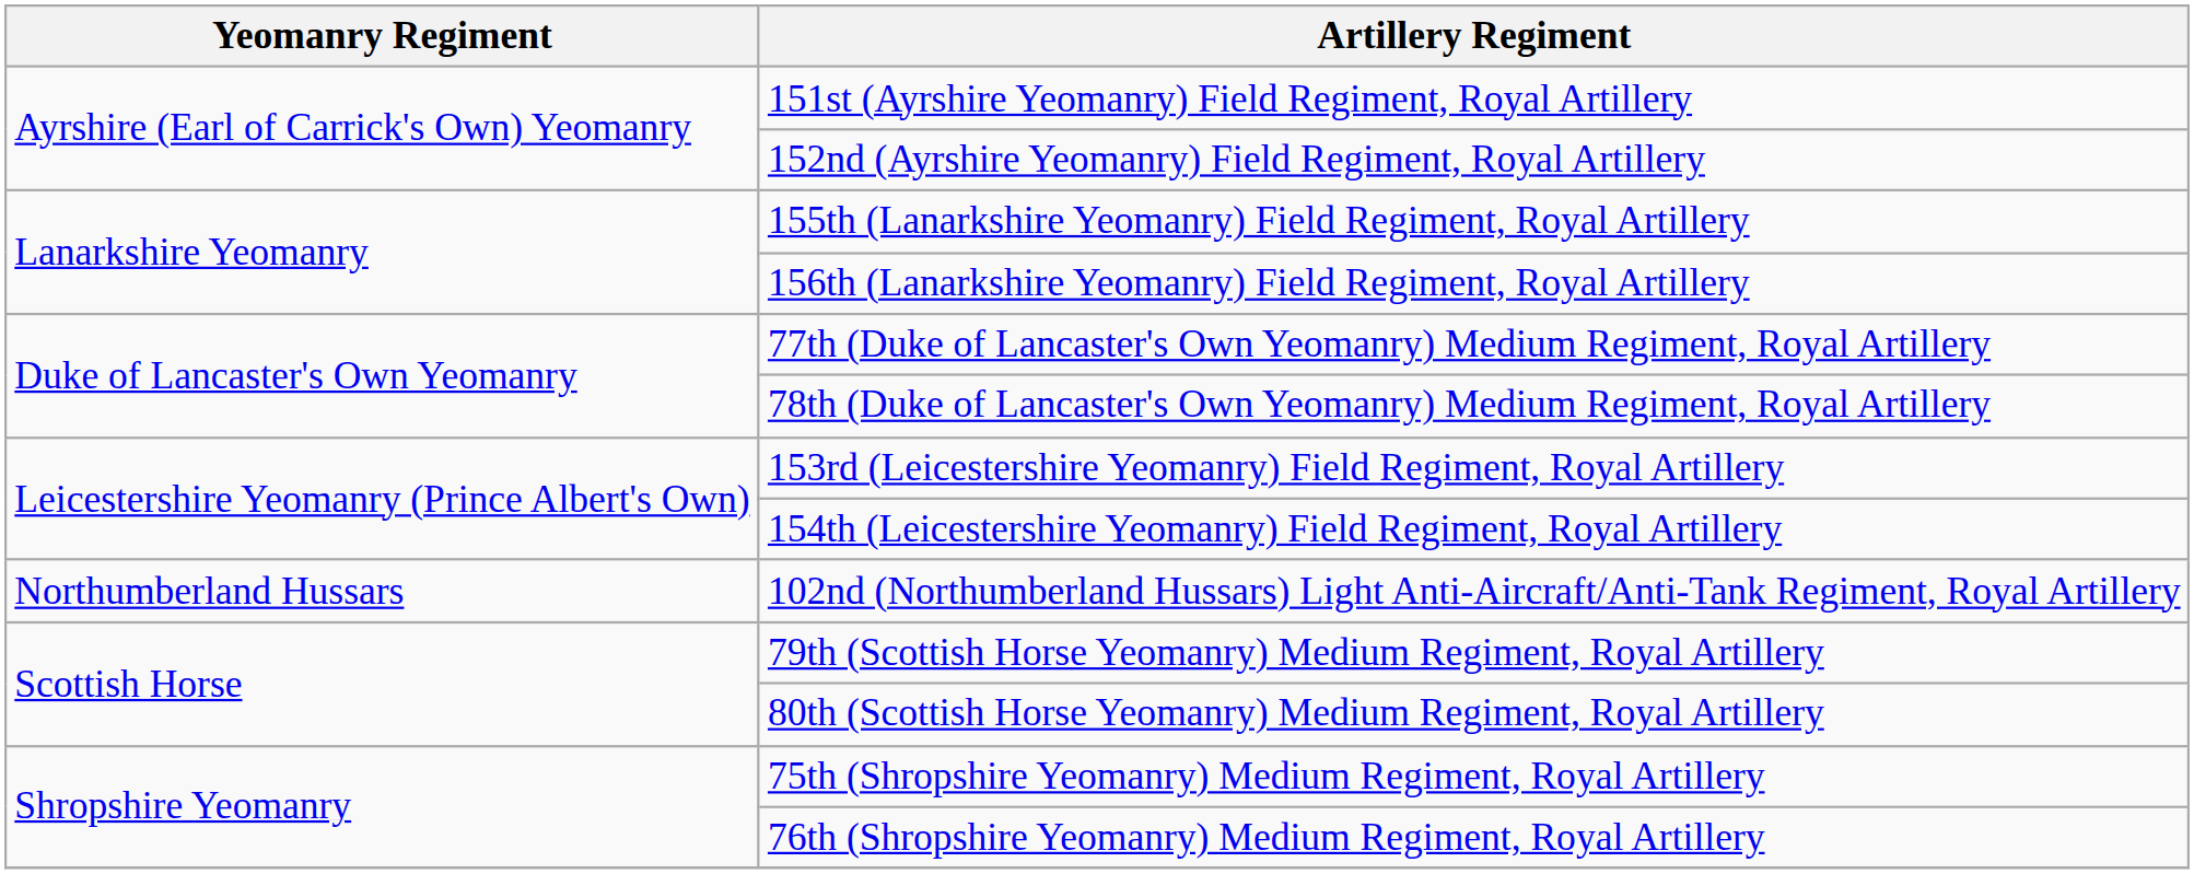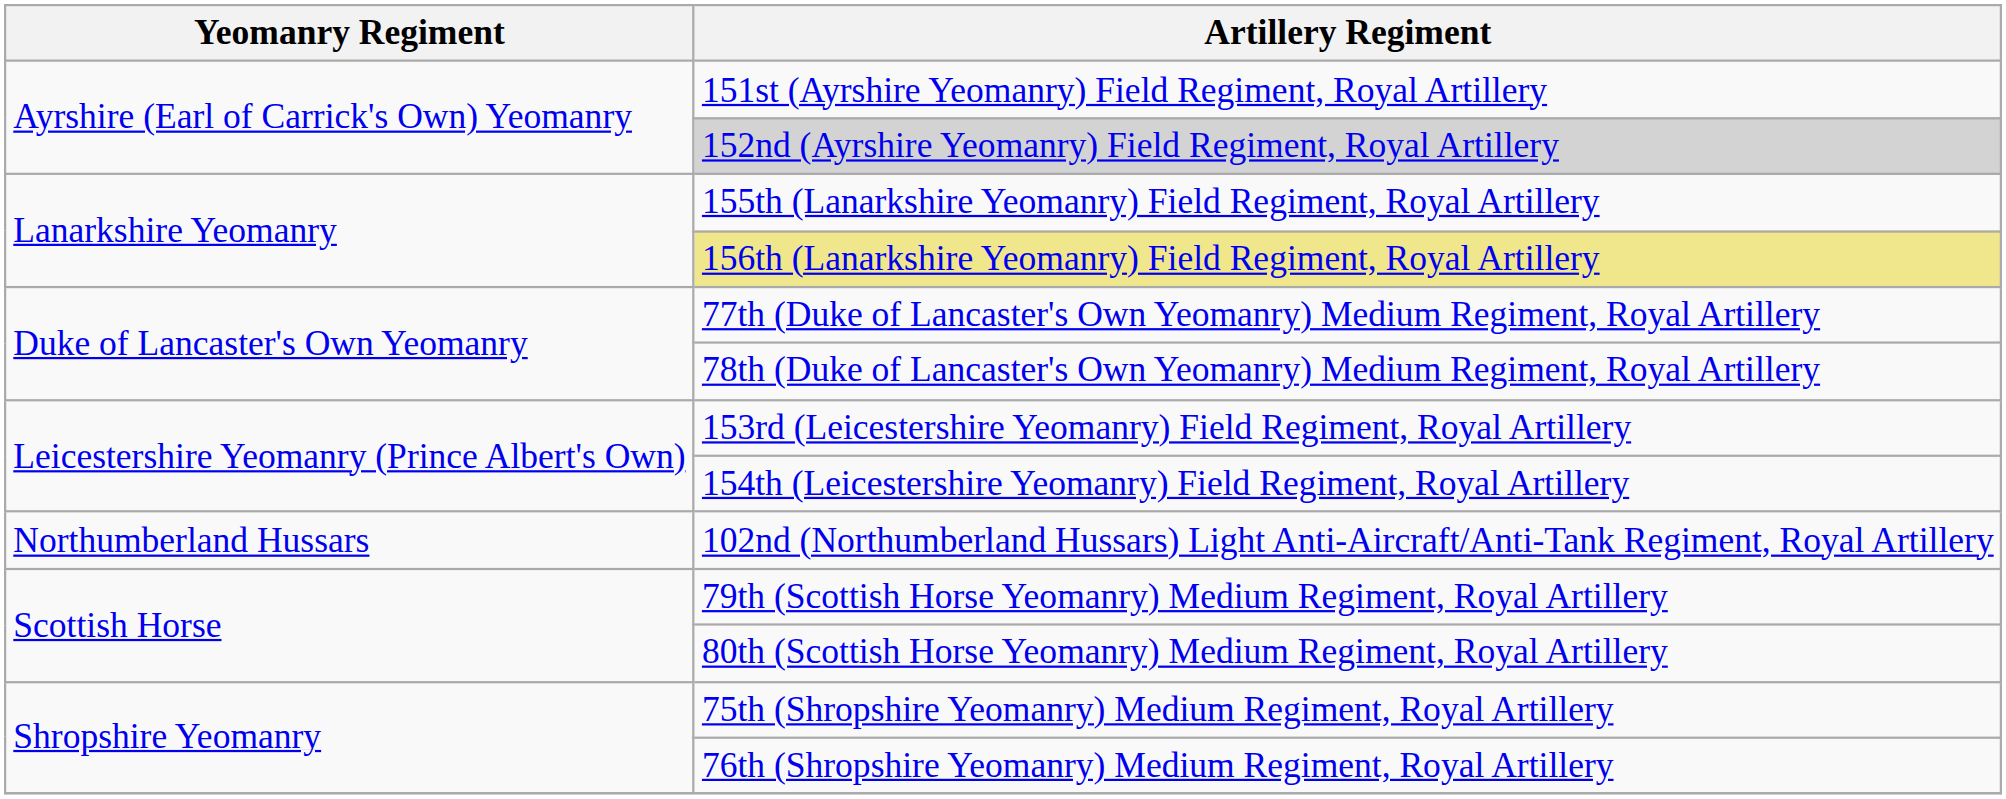 <table class="wikitable sortable">
 <tr>
 <th>Yeomanry Regiment</th>
 <th>Artillery Regiment</th>
 </tr>
 <tr>
 <td rowspan=2><a href='#'>Ayrshire (Earl of Carrick's Own) Yeomanry</a></td>
 <td><a href='#'>151st (Ayrshire Yeomanry) Field Regiment, Royal Artillery</a></td>
 </tr>
 <tr>
-<td><a href='#'>152nd (Ayrshire Yeomanry) Field Regiment, Royal Artillery</a></td>
+<td style="background: lightgrey;"><a href='#'>152nd (Ayrshire Yeomanry) Field Regiment, Royal Artillery</a></td>
 </tr>
 <tr>
 <td rowspan=2><a href='#'>Lanarkshire Yeomanry</a></td>
 <td><a href='#'>155th (Lanarkshire Yeomanry) Field Regiment, Royal Artillery</a></td>
 </tr>
 <tr>
-<td><a href='#'>156th (Lanarkshire Yeomanry) Field Regiment, Royal Artillery</a></td>
+<td style="background: khaki;"><a href='#'>156th (Lanarkshire Yeomanry) Field Regiment, Royal Artillery</a></td>
 </tr>
 <tr>
 <td rowspan=2><a href='#'>Duke of Lancaster's Own Yeomanry</a></td>
 <td><a href='#'>77th (Duke of Lancaster's Own Yeomanry) Medium Regiment, Royal Artillery</a></td>
 </tr>
 <tr>
 <td><a href='#'>78th (Duke of Lancaster's Own Yeomanry) Medium Regiment, Royal Artillery</a></td>
 </tr>
 <tr>
 <td rowspan=2><a href='#'>Leicestershire Yeomanry (Prince Albert's Own)</a></td>
 <td><a href='#'>153rd (Leicestershire Yeomanry) Field Regiment, Royal Artillery</a></td>
 </tr>
 <tr>
 <td><a href='#'>154th (Leicestershire Yeomanry) Field Regiment, Royal Artillery</a></td>
 </tr>
 <tr>
 <td><a href='#'>Northumberland Hussars</a></td>
 <td><a href='#'>102nd (Northumberland Hussars) Light Anti-Aircraft/Anti-Tank Regiment, Royal Artillery</a></td>
 </tr>
 <tr>
 <td rowspan=2><a href='#'>Scottish Horse</a></td>
 <td><a href='#'>79th (Scottish Horse Yeomanry) Medium Regiment, Royal Artillery</a></td>
 </tr>
 <tr>
 <td><a href='#'>80th (Scottish Horse Yeomanry) Medium Regiment, Royal Artillery</a></td>
 </tr>
 <tr>
 <td rowspan=2><a href='#'>Shropshire Yeomanry</a></td>
 <td><a href='#'>75th (Shropshire Yeomanry) Medium Regiment, Royal Artillery</a></td>
 </tr>
 <tr>
 <td><a href='#'>76th (Shropshire Yeomanry) Medium Regiment, Royal Artillery</a></td>
 </tr>
 <tr>
 </tr>
 </table>
